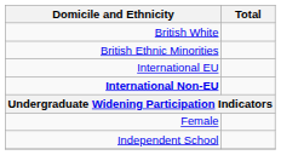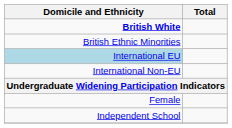 <table class="wikitable floatright sortable collapsible mw-collapsible"; style="font-size:85%; text-align:right;">
 <tr>
 <th>Domicile and Ethnicity</th>
 <th colspan="2" data-sort-type=number>Total</th>
 </tr>
 <tr>
-<td><a href='#'>British White</a></td>
+<td><strong><a href='#'>British White</a></strong></td>
 <td align=right></td>
 </tr>
 <tr>
 <td><a href='#'>British Ethnic Minorities</a></td>
 <td align=right></td>
 </tr>
 <tr>
-<td><a href='#'>International EU</a></td>
+<td style="background: lightblue;"><a href='#'>International EU</a></td>
 <td align=right></td>
 </tr>
 <tr>
-<td><strong><a href='#'>International Non-EU</a></strong></td>
+<td><a href='#'>International Non-EU</a></td>
 <td align=right></td>
 </tr>
 <tr>
 <th colspan="4" data-sort-type=number>Undergraduate <a href='#'>Widening Participation</a> Indicators</th>
 </tr>
 <tr>
 <td><a href='#'>Female</a></td>
 <td align=right></td>
 </tr>
 <tr>
 <td><a href='#'>Independent School</a></td>
 <td align=right></td>
 </tr>
 <tr>
 </tr>
 </table>
